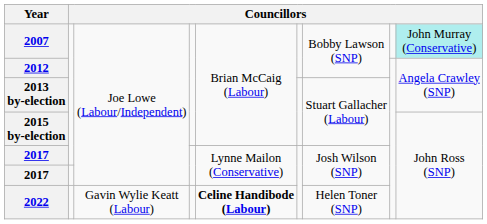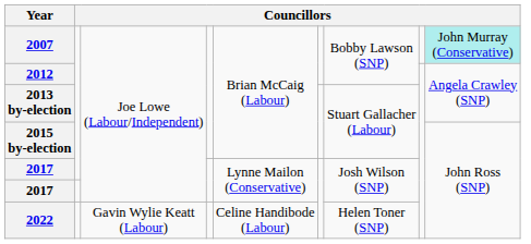 <table class="wikitable" style="text-align:center">
 <tr>
 <th>Year</th>
 <th colspan=8>Councillors</th>
 </tr>
 <tr>
 <th><a href='#'>2007</a></th>
 <td rowspan=5; style="background-color: "></td>
 <td rowspan=6>Joe Lowe<br>(<a href='#'>Labour</a>/<a href='#'>Independent</a>)</td>
 <td rowspan=4; style="background-color: "></td>
 <td rowspan=4>Brian McCaig<br>(<a href='#'>Labour</a>)</td>
 <td rowspan=2; style="background-color: "></td>
 <td rowspan=2>Bobby Lawson<br>(<a href='#'>SNP</a>)</td>
 <td rowspan=1; style="background-color: "></td>
 <td rowspan=1 style="background: paleturquoise;">John Murray<br>(<a href='#'>Conservative</a>)</td>
 </tr>
 <tr>
 <th><a href='#'>2012</a></th>
 <td rowspan=6; style="background-color: "></td>
 <td rowspan=2><a href='#'>Angela Crawley</a><br>(<a href='#'>SNP</a>)</td>
 </tr>
 <tr>
 <th>2013<br>by-election</th>
 <td rowspan=2; style="background-color: "></td>
 <td rowspan=2>Stuart Gallacher<br>(<a href='#'>Labour</a>)</td>
 </tr>
 <tr>
 <th>2015<br>by-election</th>
 <td rowspan=4>John Ross<br>(<a href='#'>SNP</a>)</td>
 </tr>
 <tr>
 <th><a href='#'>2017</a></th>
 <td rowspan=2; style="background-color: "></td>
 <td rowspan=2>Lynne Mailon<br>(<a href='#'>Conservative</a>)</td>
 <td rowspan=3; style="background-color: "></td>
 <td rowspan=2>Josh Wilson<br>(<a href='#'>SNP</a>)</td>
 </tr>
 <tr>
 <th>2017</th>
 <td rowspan=1; style="background-color: "></td>
 </tr>
 <tr>
 <th><a href='#'>2022</a></th>
 <td rowspan=1; style="background-color: "></td>
 <td rowspan=1>Gavin Wylie Keatt<br>(<a href='#'>Labour</a>)</td>
 <td rowspan=1; style="background-color: "></td>
-<td rowspan=1><strong>Celine Handibode<br>(<a href='#'>Labour</a>)</strong></td>
+<td rowspan=1>Celine Handibode<br>(<a href='#'>Labour</a>)</td>
 <td rowspan=1>Helen Toner<br>(<a href='#'>SNP</a>)</td>
 </tr>
 </table>
